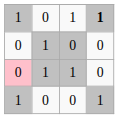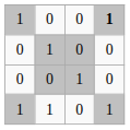 <table class="wikitable" style="margin-left:auto;margin-right:auto;text-align:center;width:8em;height:8em;table-layout:fixed;">
 <tr>
 </tr>
 <tr>
 <td style="background-color: silver;">1</td>
 <td>0</td>
-<td>1</td>
+<td>0</td>
 <td style="background-color: silver;"><strong>1</strong></td>
 </tr>
 <tr>
 <td>0</td>
 <td style="background-color: silver;">1</td>
 <td style="background-color: silver;">0</td>
 <td>0</td>
 </tr>
 <tr>
-<td style="background: pink;">0</td>
-<td style="background-color: silver;">1</td>
+<td>0</td>
+<td style="background-color: silver;">0</td>
 <td style="background-color: silver;">1</td>
 <td>0</td>
 </tr>
 <tr>
 <td style="background-color: silver;">1</td>
-<td>0</td>
+<td>1</td>
 <td>0</td>
 <td style="background-color: silver;">1</td>
 </tr>
 </table>
